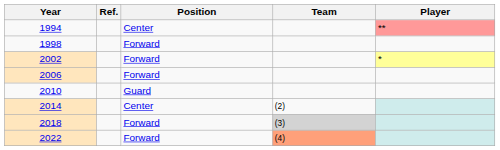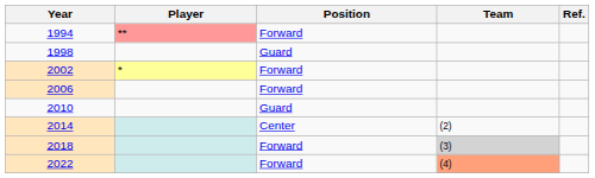 <table class="wikitable plainrowheaders sortable" style="width: 50%; text-align:left" summary="Season (sortable), Player (sortable), Position (sortable), Nationality (sortable) and Team (sortable)">
 <tr>
 <th scope="col">Year</th>
-<th width=5%>Ref.</th>
+<th scope="col">Player</th>
 <th scope="col">Position</th>
 <th scope="col">Team</th>
-<th scope="col">Player</th>
+<th width=5%>Ref.</th>
 </tr>
 <tr>
 <td style="text-align: center"><a href='#'>1994</a></td>
+<td style="background-color:#FF9999; align=left">**</td>
+<td align=left><a href='#'>Forward</a></td>
+<td align=left></td>
 <td></td>
-<td align=left><a href='#'>Center</a></td>
-<td align=left></td>
-<td style="background-color:#FF9999; align=left">**</td>
 </tr>
 <tr>
 <td style="text-align: center"><a href='#'>1998</a></td>
+<td align=left></td>
+<td align=left><a href='#'>Guard</a></td>
+<td align=left></td>
 <td></td>
-<td align=left><a href='#'>Forward</a></td>
-<td align=left></td>
-<td align=left></td>
 </tr>
 <tr>
 <td scope="row" style="background-color:#FFE6BD; text-align: center"><a href='#'>2002</a></td>
-<td></td>
+<td bgcolor=#ff9 align=left>*</td>
 <td align=left><a href='#'>Forward</a></td>
 <td align=left></td>
-<td bgcolor=#ff9 align=left>*</td>
+<td></td>
 </tr>
 <tr>
 <td scope="row" style="background-color:#FFE6BD; text-align: center"><a href='#'>2006</a></td>
-<td></td>
+<td align=left></td>
 <td align=left><a href='#'>Forward</a></td>
 <td align=left></td>
-<td align=left></td>
+<td></td>
 </tr>
 <tr>
 <td style="text-align: center"><a href='#'>2010</a></td>
-<td></td>
+<td align=left></td>
 <td align=left><a href='#'>Guard</a></td>
 <td align=left></td>
-<td align=left></td>
+<td></td>
 </tr>
 <tr>
 <td scope="row" style="background-color:#FFE6BD; text-align: center"><a href='#'>2014</a></td>
-<td></td>
+<td scope="row" style="background-color:#CFECEC; align=left"></td>
 <td align=left><a href='#'>Center</a></td>
 <td align=left> <small>(2)</small></td>
-<td scope="row" style="background-color:#CFECEC; align=left"></td>
+<td></td>
 </tr>
 <tr>
 <td scope="row" style="background-color:#FFE6BD; text-align: center"><a href='#'>2018</a></td>
-<td></td>
+<td scope="row" style="background-color:#CFECEC; align=left"></td>
 <td align=left><a href='#'>Forward</a></td>
 <td align=left style="background: lightgrey;"> <small>(3)</small></td>
-<td scope="row" style="background-color:#CFECEC; align=left"></td>
+<td></td>
 </tr>
 <tr>
 <td scope="row" style="background-color:#FFE6BD; text-align: center"><a href='#'>2022</a></td>
-<td></td>
+<td scope="row" style="background-color:#CFECEC; align=left"></td>
 <td align=left><a href='#'>Forward</a></td>
 <td align=left style="background: lightsalmon;"> <small>(4)</small></td>
-<td scope="row" style="background-color:#CFECEC; align=left"></td>
+<td></td>
 </tr>
 </table>
